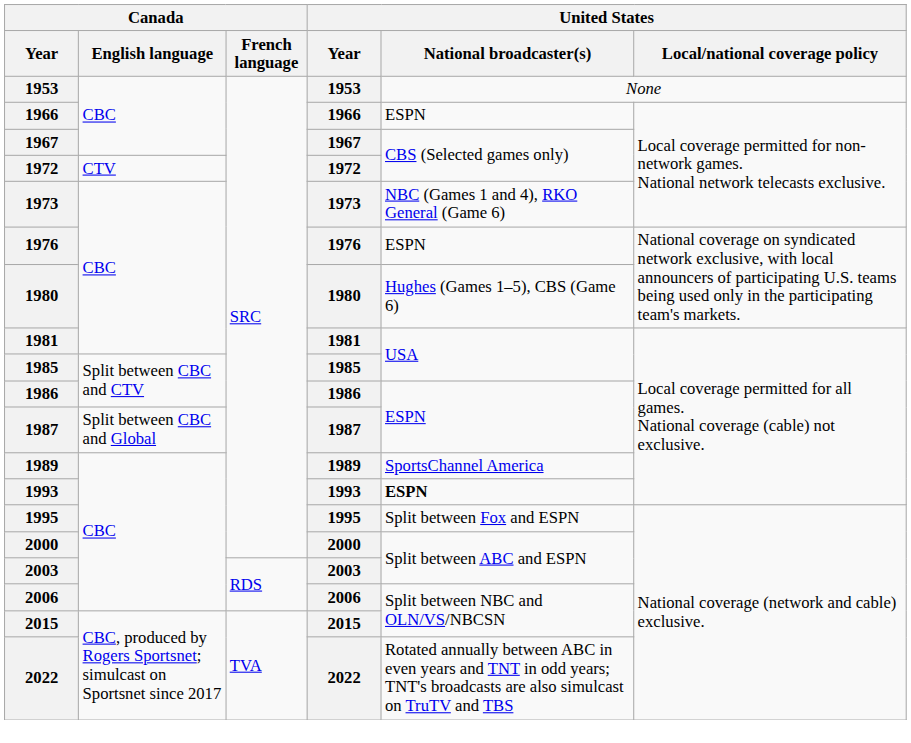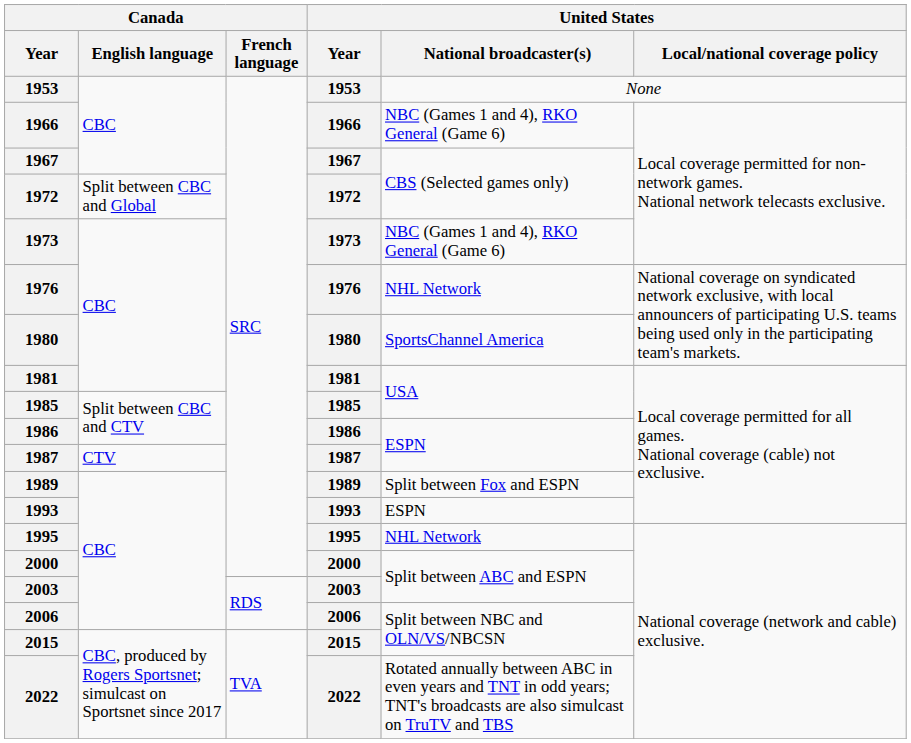 <table class="wikitable">
 <tr style="vertical-align:top">
 <th colspan="3">Canada</th>
 <th colspan="3">United States</th>
 </tr>
 <tr>
 <th style="width:4em;">Year</th>
 <th>English language</th>
 <th>French language</th>
 <th style="width:4em;">Year</th>
 <th>National broadcaster(s)</th>
 <th>Local/national coverage policy</th>
 </tr>
 <tr>
 <th>1953</th>
 <td rowspan="3"><a href='#'>CBC</a></td>
 <td rowspan="15"><a href='#'>SRC</a></td>
 <th>1953</th>
 <td colspan="2" style=" text-align:center;"><em>None</em></td>
 </tr>
 <tr>
 <th>1966</th>
 <th>1966</th>
-<td>ESPN</td>
+<td><a href='#'>NBC</a> (Games 1 and 4), <a href='#'>RKO General</a> (Game 6)</td>
 <td rowspan="4">Local coverage permitted for non-network games.<br>National network telecasts exclusive.</td>
 </tr>
 <tr>
 <th>1967</th>
 <th>1967</th>
 <td rowspan="2"><a href='#'>CBS</a> (Selected games only)</td>
 </tr>
 <tr>
 <th>1972</th>
-<td><a href='#'>CTV</a></td>
+<td>Split between <a href='#'>CBC</a> and <a href='#'>Global</a></td>
 <th>1972</th>
 </tr>
 <tr>
 <th>1973</th>
 <td rowspan="4"><a href='#'>CBC</a></td>
 <th>1973</th>
 <td><a href='#'>NBC</a> (Games 1 and 4), <a href='#'>RKO General</a> (Game 6)</td>
 </tr>
 <tr>
 <th>1976</th>
 <th>1976</th>
-<td>ESPN</td>
+<td><a href='#'>NHL Network</a></td>
 <td rowspan="2">National coverage on syndicated network exclusive, with local announcers of participating U.S. teams being used only in the participating team's markets.</td>
 </tr>
 <tr>
 <th>1980</th>
 <th>1980</th>
-<td><a href='#'>Hughes</a> (Games 1–5), CBS (Game 6)</td>
+<td><a href='#'>SportsChannel America</a></td>
 </tr>
 <tr>
 <th>1981</th>
 <th>1981</th>
 <td rowspan="2"><a href='#'>USA</a></td>
 <td rowspan="6">Local coverage permitted for all games.<br>National coverage (cable) not exclusive.</td>
 </tr>
 <tr>
 <th>1985</th>
 <td rowspan="2">Split between <a href='#'>CBC</a> and <a href='#'>CTV</a></td>
 <th>1985</th>
 </tr>
 <tr>
 <th>1986</th>
 <th>1986</th>
 <td rowspan="2"><a href='#'>ESPN</a></td>
 </tr>
 <tr>
 <th>1987</th>
-<td>Split between <a href='#'>CBC</a> and <a href='#'>Global</a></td>
+<td><a href='#'>CTV</a></td>
 <th>1987</th>
 </tr>
 <tr>
 <th>1989</th>
 <td rowspan="6"><a href='#'>CBC</a></td>
 <th>1989</th>
-<td><a href='#'>SportsChannel America</a></td>
+<td>Split between <a href='#'>Fox</a> and ESPN</td>
 </tr>
 <tr>
 <th>1993</th>
 <th>1993</th>
-<td><strong>ESPN</strong></td>
+<td>ESPN</td>
 </tr>
 <tr>
 <th>1995</th>
 <th>1995</th>
-<td>Split between <a href='#'>Fox</a> and ESPN</td>
+<td><a href='#'>NHL Network</a></td>
 <td rowspan="6">National coverage (network and cable) exclusive.</td>
 </tr>
 <tr>
 <th>2000</th>
 <th>2000</th>
 <td rowspan="2">Split between <a href='#'>ABC</a> and ESPN</td>
 </tr>
 <tr>
 <th>2003</th>
 <td rowspan="2"><a href='#'>RDS</a></td>
 <th>2003</th>
 </tr>
 <tr>
 <th>2006</th>
 <th>2006</th>
 <td rowspan="2">Split between NBC and <a href='#'>OLN/VS</a>/NBCSN</td>
 </tr>
 <tr>
 <th>2015</th>
 <td rowspan="2"><a href='#'>CBC</a>, produced by <a href='#'>Rogers Sportsnet</a>; simulcast on Sportsnet since 2017</td>
 <td rowspan="2"><a href='#'>TVA</a></td>
 <th>2015</th>
 </tr>
 <tr>
 <th>2022</th>
 <th>2022</th>
 <td>Rotated annually between ABC in even years and <a href='#'>TNT</a> in odd years; TNT's broadcasts are also simulcast on <a href='#'>TruTV</a> and <a href='#'>TBS</a></td>
 </tr>
 </table>
